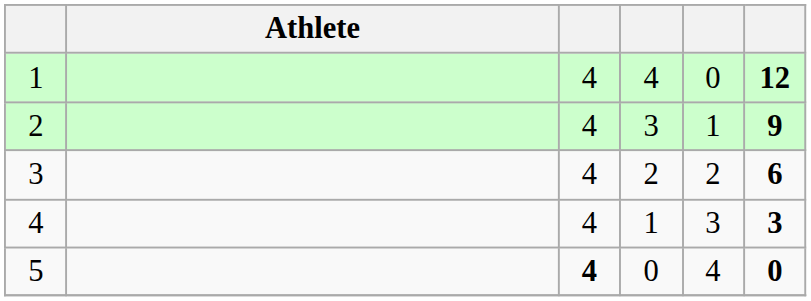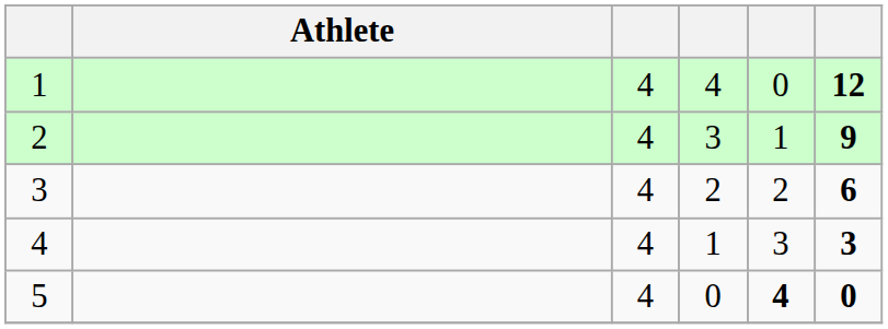 <table class="wikitable" style="text-align: center; font-size:100% ">
 <tr>
 <th width=25></th>
 <th width=250>Athlete</th>
 <th width=25></th>
 <th width=25></th>
 <th width=25></th>
 <th width=25></th>
 </tr>
 <tr bgcolor="ccffcc">
 <td>1</td>
 <td align=left></td>
 <td>4</td>
 <td>4</td>
 <td>0</td>
 <td><strong>12</strong></td>
 </tr>
 <tr bgcolor="ccffcc">
 <td>2</td>
 <td align=left></td>
 <td>4</td>
 <td>3</td>
 <td>1</td>
 <td><strong>9</strong></td>
 </tr>
 <tr>
 <td>3</td>
 <td align=left></td>
 <td>4</td>
 <td>2</td>
 <td>2</td>
 <td><strong>6</strong></td>
 </tr>
 <tr>
 <td>4</td>
 <td align=left></td>
 <td>4</td>
 <td>1</td>
 <td>3</td>
 <td><strong>3</strong></td>
 </tr>
 <tr>
 <td>5</td>
 <td align=left></td>
+<td>4</td>
+<td>0</td>
 <td><strong>4</strong></td>
-<td>0</td>
-<td>4</td>
 <td><strong>0</strong></td>
 </tr>
 <tr>
 </tr>
 </table>
